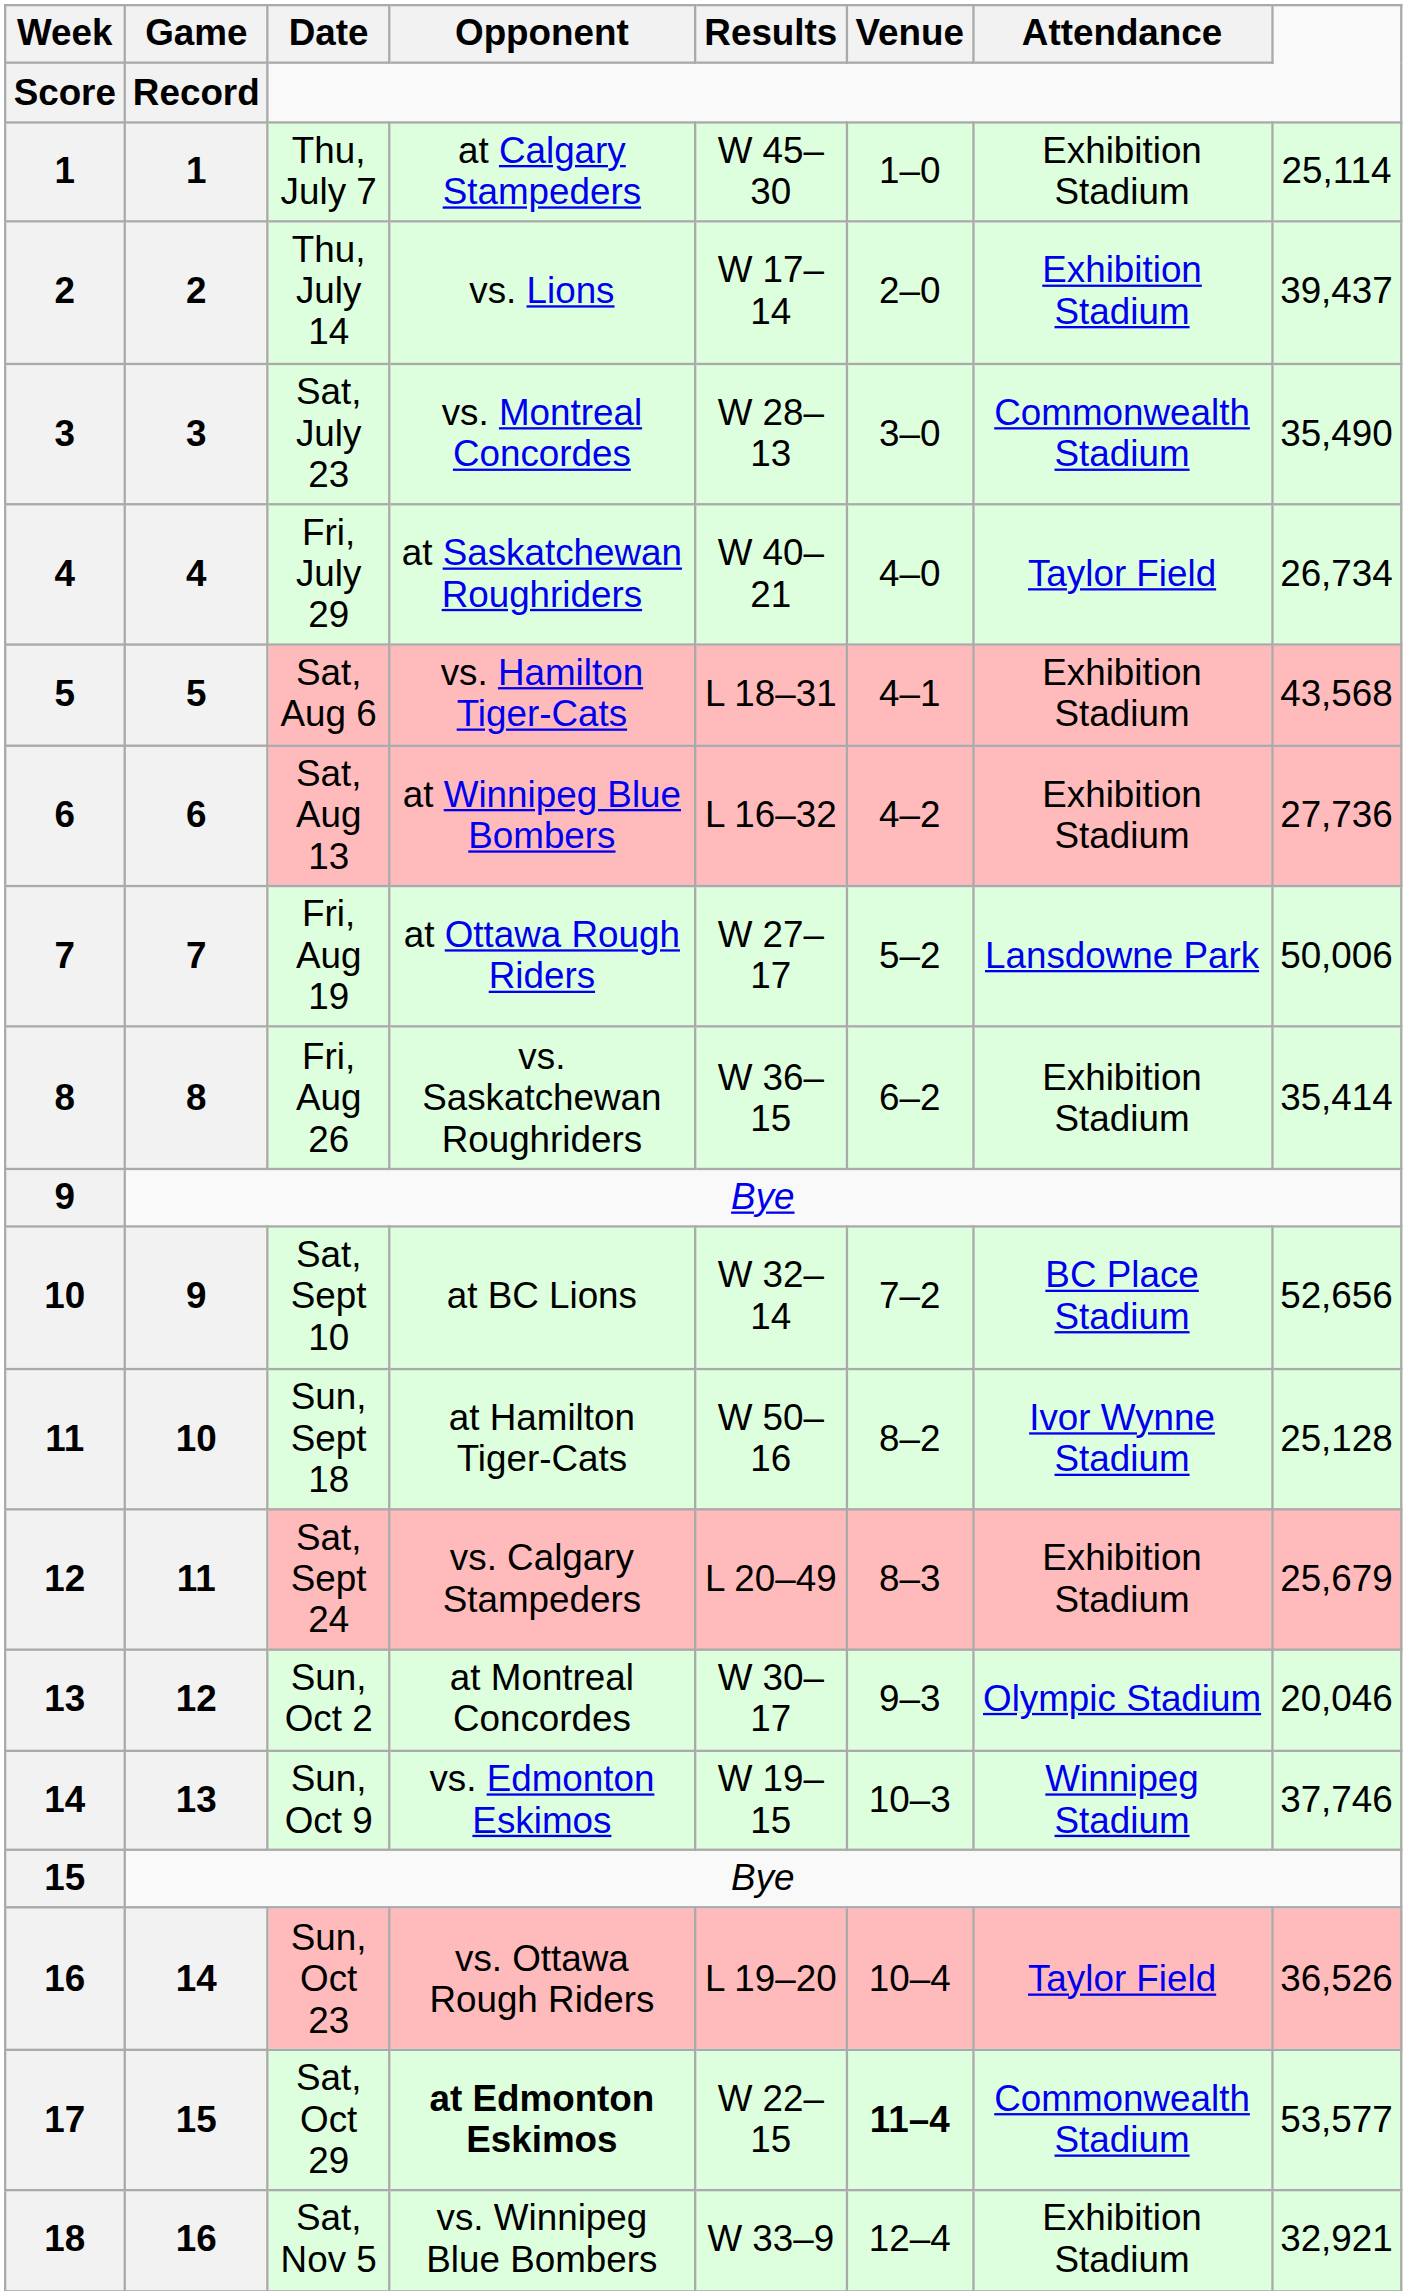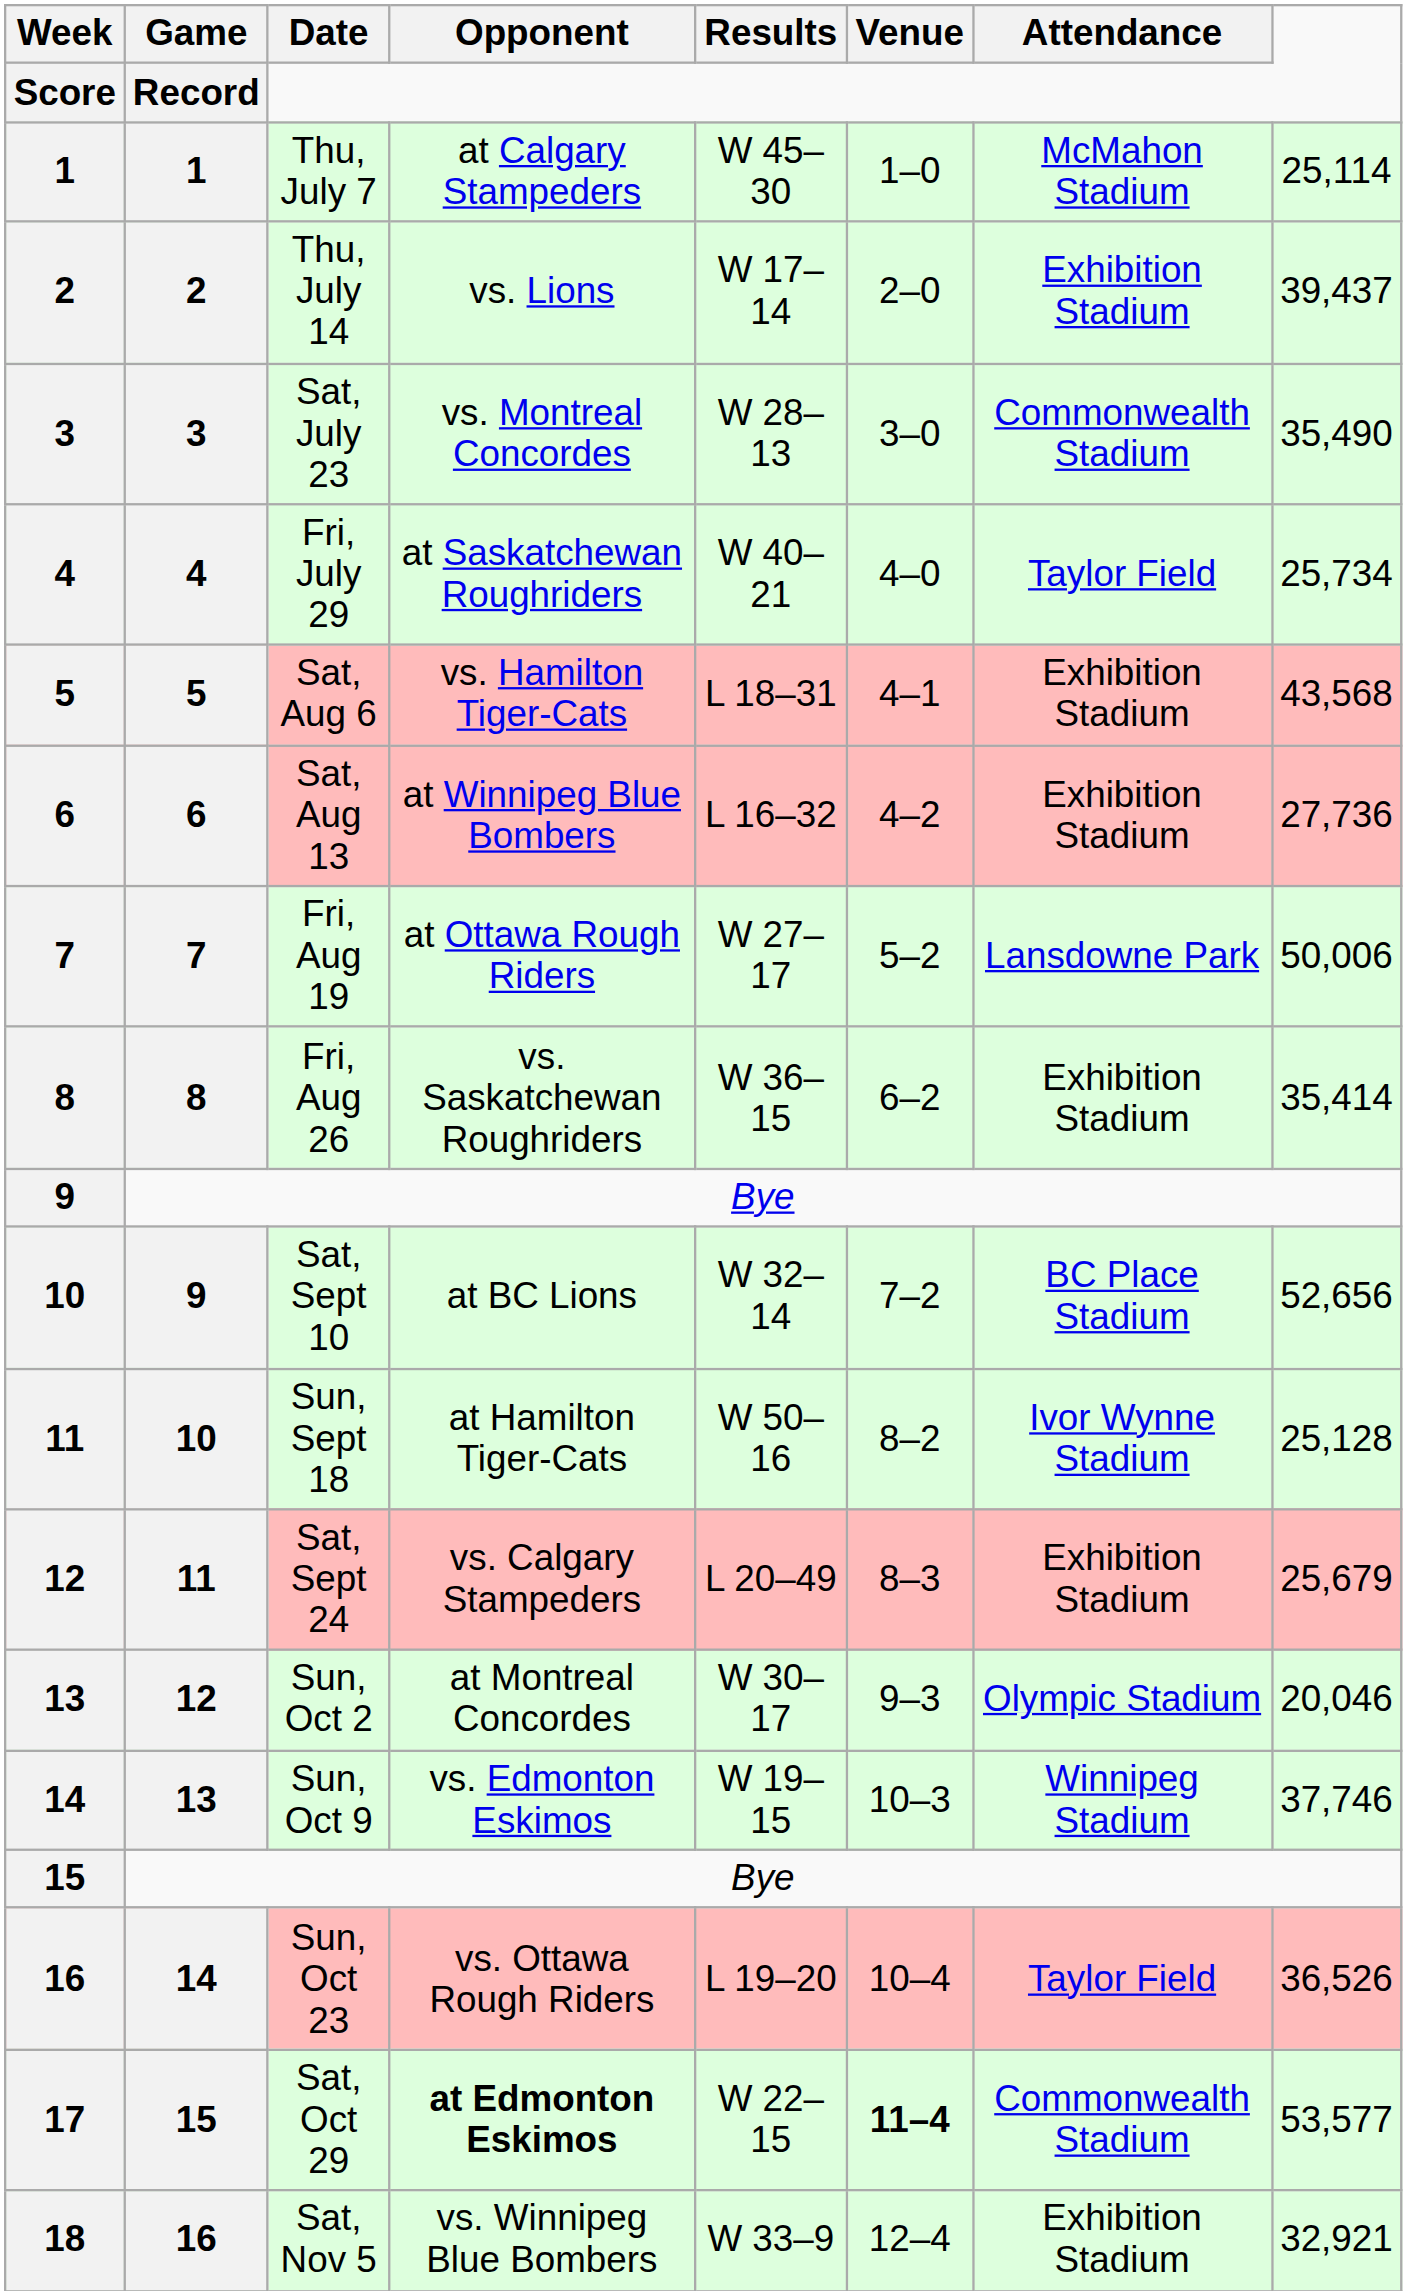 <table class="wikitable" style="text-align:center">
 <tr>
 <th>Week</th>
 <th>Game</th>
 <th>Date</th>
 <th>Opponent</th>
 <th>Results</th>
 <th>Venue</th>
 <th>Attendance</th>
 </tr>
 <tr>
 <th>Score</th>
 <th>Record</th>
 </tr>
 <tr style="background:#ddffdd">
 <th>1</th>
 <th>1</th>
 <td>Thu, July 7</td>
 <td>at <a href='#'>Calgary Stampeders</a></td>
 <td>W 45–30</td>
 <td>1–0</td>
-<td>Exhibition Stadium</td>
+<td><a href='#'>McMahon Stadium</a></td>
 <td>25,114</td>
 </tr>
 <tr style="background:#ddffdd">
 <th>2</th>
 <th>2</th>
 <td>Thu, July 14</td>
 <td>vs. <a href='#'>Lions</a></td>
 <td>W 17–14</td>
 <td>2–0</td>
 <td><a href='#'>Exhibition Stadium</a></td>
 <td>39,437</td>
 </tr>
 <tr style="background:#ddffdd">
 <th>3</th>
 <th>3</th>
 <td>Sat, July 23</td>
 <td>vs. <a href='#'>Montreal Concordes</a></td>
 <td>W 28–13</td>
 <td>3–0</td>
 <td><a href='#'>Commonwealth Stadium</a></td>
 <td>35,490</td>
 </tr>
 <tr style="background:#ddffdd">
 <th>4</th>
 <th>4</th>
 <td>Fri, July 29</td>
 <td>at <a href='#'>Saskatchewan Roughriders</a></td>
 <td>W 40–21</td>
 <td>4–0</td>
 <td><a href='#'>Taylor Field</a></td>
-<td>26,734</td>
+<td>25,734</td>
 </tr>
 <tr style="background:#ffbbbb">
 <th>5</th>
 <th>5</th>
 <td>Sat, Aug 6</td>
 <td>vs. <a href='#'>Hamilton Tiger-Cats</a></td>
 <td>L 18–31</td>
 <td>4–1</td>
 <td>Exhibition Stadium</td>
 <td>43,568</td>
 </tr>
 <tr style="background:#ffbbbb">
 <th>6</th>
 <th>6</th>
 <td>Sat, Aug 13</td>
 <td>at <a href='#'>Winnipeg Blue Bombers</a></td>
 <td>L 16–32</td>
 <td>4–2</td>
 <td>Exhibition Stadium</td>
 <td>27,736</td>
 </tr>
 <tr style="background:#ddffdd">
 <th>7</th>
 <th>7</th>
 <td>Fri, Aug 19</td>
 <td>at <a href='#'>Ottawa Rough Riders</a></td>
 <td>W 27–17</td>
 <td>5–2</td>
 <td><a href='#'>Lansdowne Park</a></td>
 <td>50,006</td>
 </tr>
 <tr style="background:#ddffdd">
 <th>8</th>
 <th>8</th>
 <td>Fri, Aug 26</td>
 <td>vs. Saskatchewan Roughriders</td>
 <td>W 36–15</td>
 <td>6–2</td>
 <td>Exhibition Stadium</td>
 <td>35,414</td>
 </tr>
 <tr align="center">
 <th>9</th>
 <td colspan=7><em><a href='#'>Bye</a></em></td>
 </tr>
 <tr style="background:#ddffdd">
 <th>10</th>
 <th>9</th>
 <td>Sat, Sept 10</td>
 <td>at BC Lions</td>
 <td>W 32–14</td>
 <td>7–2</td>
 <td><a href='#'>BC Place Stadium</a></td>
 <td>52,656</td>
 </tr>
 <tr style="background:#ddffdd">
 <th>11</th>
 <th>10</th>
 <td>Sun, Sept 18</td>
 <td>at Hamilton Tiger-Cats</td>
 <td>W 50–16</td>
 <td>8–2</td>
 <td><a href='#'>Ivor Wynne Stadium</a></td>
 <td>25,128</td>
 </tr>
 <tr style="background:#ffbbbb">
 <th>12</th>
 <th>11</th>
 <td>Sat, Sept 24</td>
 <td>vs. Calgary Stampeders</td>
 <td>L 20–49</td>
 <td>8–3</td>
 <td>Exhibition Stadium</td>
 <td>25,679</td>
 </tr>
 <tr style="background:#ddffdd">
 <th>13</th>
 <th>12</th>
 <td>Sun, Oct 2</td>
 <td>at Montreal Concordes</td>
 <td>W 30–17</td>
 <td>9–3</td>
 <td><a href='#'>Olympic Stadium</a></td>
 <td>20,046</td>
 </tr>
 <tr style="background:#ddffdd">
 <th>14</th>
 <th>13</th>
 <td>Sun, Oct 9</td>
 <td>vs. <a href='#'>Edmonton Eskimos</a></td>
 <td>W 19–15</td>
 <td>10–3</td>
 <td><a href='#'>Winnipeg Stadium</a></td>
 <td>37,746</td>
 </tr>
 <tr align="center">
 <th>15</th>
 <td colspan=7><em>Bye</em></td>
 </tr>
 <tr style="background:#ffbbbb">
 <th>16</th>
 <th>14</th>
 <td>Sun, Oct 23</td>
 <td>vs. Ottawa Rough Riders</td>
 <td>L 19–20</td>
 <td>10–4</td>
 <td><a href='#'>Taylor Field</a></td>
 <td>36,526</td>
 </tr>
 <tr style="background:#ddffdd">
 <th>17</th>
 <th>15</th>
 <td>Sat, Oct 29</td>
 <td><strong>at Edmonton Eskimos</strong></td>
 <td>W 22–15</td>
 <td><strong>11–4</strong></td>
 <td><a href='#'>Commonwealth Stadium</a></td>
 <td>53,577</td>
 </tr>
 <tr style="background:#ddffdd">
 <th>18</th>
 <th>16</th>
 <td>Sat, Nov 5</td>
 <td>vs. Winnipeg Blue Bombers</td>
 <td>W 33–9</td>
 <td>12–4</td>
 <td>Exhibition Stadium</td>
 <td>32,921</td>
 </tr>
 </table>
